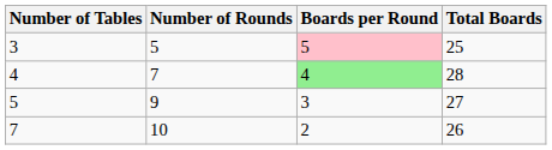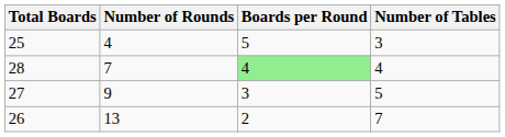 <table class="wikitable">
 <tr>
-<th>Number of Tables</th>
+<th>Total Boards</th>
 <th>Number of Rounds</th>
 <th>Boards per Round</th>
-<th>Total Boards</th>
+<th>Number of Tables</th>
 </tr>
 <tr>
+<td>25</td>
+<td>4</td>
+<td>5</td>
+<td>3</td>
+</tr>
+<tr>
+<td>28</td>
+<td>7</td>
+<td style="background: lightgreen;">4</td>
+<td>4</td>
+</tr>
+<tr>
+<td>27</td>
+<td>9</td>
 <td>3</td>
 <td>5</td>
-<td style="background: pink;">5</td>
-<td>25</td>
 </tr>
 <tr>
-<td>4</td>
+<td>26</td>
+<td>13</td>
+<td>2</td>
 <td>7</td>
-<td style="background: lightgreen;">4</td>
-<td>28</td>
-</tr>
-<tr>
-<td>5</td>
-<td>9</td>
-<td>3</td>
-<td>27</td>
-</tr>
-<tr>
-<td>7</td>
-<td>10</td>
-<td>2</td>
-<td>26</td>
 </tr>
 </table>
